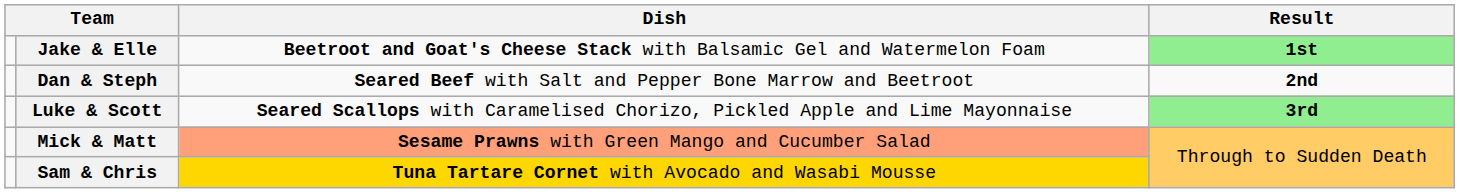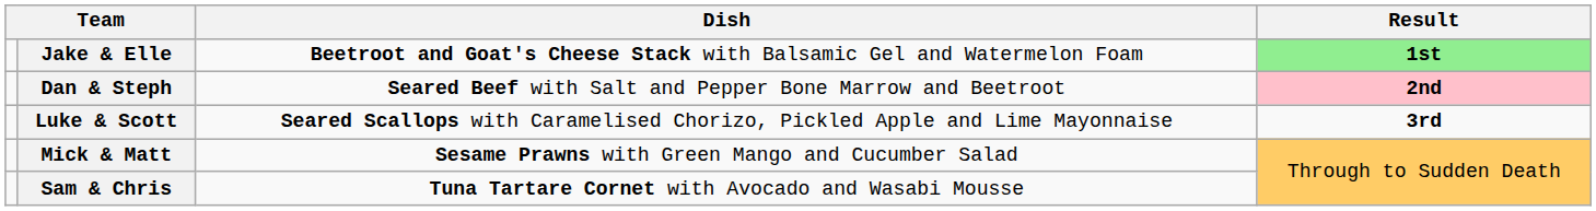 <table class="wikitable plainrowheaders" style="margin:1em auto; text-align:center; font-size:90%; width:80em;">
 <tr>
 <th colspan="2">Team</th>
 <th>Dish</th>
 <th>Result</th>
 </tr>
 <tr>
 <td></td>
 <th>Jake & Elle</th>
 <td><strong>Beetroot and Goat's Cheese Stack</strong> with Balsamic Gel and Watermelon Foam</td>
 <td bgcolor=lightgreen><strong>1st</strong></td>
 </tr>
 <tr>
 <td></td>
 <th>Dan & Steph</th>
 <td><strong>Seared Beef</strong> with Salt and Pepper Bone Marrow and Beetroot</td>
-<td><strong>2nd</strong></td>
+<td style="background: pink;"><strong>2nd</strong></td>
 </tr>
 <tr>
 <td></td>
 <th>Luke & Scott</th>
 <td><strong>Seared Scallops</strong> with Caramelised Chorizo, Pickled Apple and Lime Mayonnaise</td>
-<td style="background: lightgreen;"><strong>3rd</strong></td>
+<td><strong>3rd</strong></td>
 </tr>
 <tr>
 <td></td>
 <th>Mick & Matt</th>
-<td style="background: lightsalmon;"><strong>Sesame Prawns</strong> with Green Mango and Cucumber Salad</td>
+<td><strong>Sesame Prawns</strong> with Green Mango and Cucumber Salad</td>
 <td rowspan="2" style="background:#FFCC66">Through to Sudden Death</td>
 </tr>
 <tr>
 <td></td>
 <th>Sam & Chris</th>
-<td style="background: gold;"><strong>Tuna Tartare Cornet</strong> with Avocado and Wasabi Mousse</td>
+<td><strong>Tuna Tartare Cornet</strong> with Avocado and Wasabi Mousse</td>
 </tr>
 </table>
